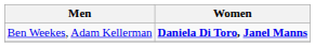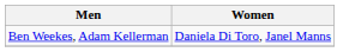 <table class="wikitable">
 <tr>
 <th>Men</th>
 <th>Women</th>
 </tr>
 <tr>
 <td><a href='#'>Ben Weekes</a>, <a href='#'>Adam Kellerman</a></td>
-<td><strong><a href='#'>Daniela Di Toro</a>, <a href='#'>Janel Manns</a></strong></td>
+<td><a href='#'>Daniela Di Toro</a>, <a href='#'>Janel Manns</a></td>
 </tr>
 <tr>
 </tr>
 </table>
